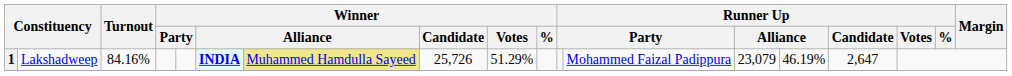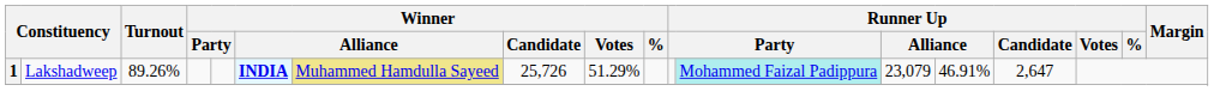 <table class="wikitable sortable" style="text-align:center;">
 <tr>
 <th colspan="2" rowspan="2">Constituency</th>
 <th rowspan="2">Turnout</th>
 <th colspan="7">Winner</th>
 <th colspan="7">Runner Up</th>
 <th rowspan="2">Margin</th>
 </tr>
 <tr>
 <th colspan="2">Party</th>
 <th colspan="2">Alliance</th>
 <th>Candidate</th>
 <th>Votes</th>
 <th>%</th>
 <th colspan="2">Party</th>
 <th colspan="2">Alliance</th>
 <th>Candidate</th>
 <th>Votes</th>
 <th>%</th>
 </tr>
 <tr>
 <th>1</th>
 <td><a href='#'>Lakshadweep</a></td>
-<td>84.16%</td>
+<td>89.26%</td>
 <td></td>
 <td></td>
 <th style="background:#E5F8FF"><a href='#'>INDIA</a></th>
 <td style="background: khaki;"><a href='#'>Muhammed Hamdulla Sayeed </a></td>
 <td>25,726</td>
 <td>51.29%</td>
 <td></td>
 <td></td>
-<td><a href='#'>Mohammed Faizal Padippura</a></td>
+<td style="background: paleturquoise;"><a href='#'>Mohammed Faizal Padippura</a></td>
 <td>23,079</td>
-<td>46.19%</td>
+<td>46.91%</td>
 <td style="background:">2,647</td>
 </tr>
 <tr>
 </tr>
 </table>
